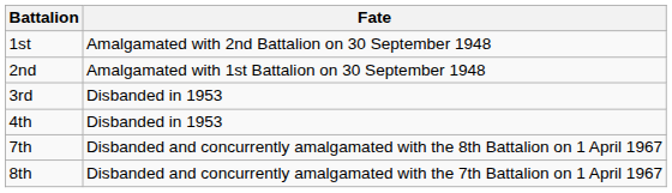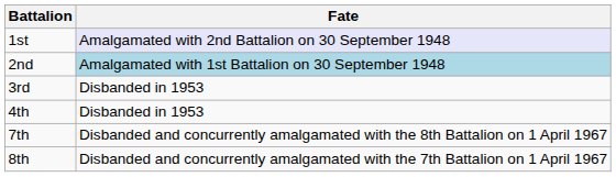 <table class="wikitable">
 <tr>
 <th>Battalion</th>
 <th>Fate</th>
 </tr>
 <tr>
 <td>1st</td>
-<td>Amalgamated with 2nd Battalion on 30 September 1948</td>
+<td style="background: lavender;">Amalgamated with 2nd Battalion on 30 September 1948</td>
 </tr>
 <tr>
 <td>2nd</td>
-<td>Amalgamated with 1st Battalion on 30 September 1948</td>
+<td style="background: lightblue;">Amalgamated with 1st Battalion on 30 September 1948</td>
 </tr>
 <tr>
 <td>3rd</td>
 <td>Disbanded in 1953</td>
 </tr>
 <tr>
 <td>4th</td>
 <td>Disbanded in 1953</td>
 </tr>
 <tr>
 <td>7th</td>
 <td>Disbanded and concurrently amalgamated with the 8th Battalion on 1 April 1967</td>
 </tr>
 <tr>
 <td>8th</td>
 <td>Disbanded and concurrently amalgamated with the 7th Battalion on 1 April 1967</td>
 </tr>
 </table>
